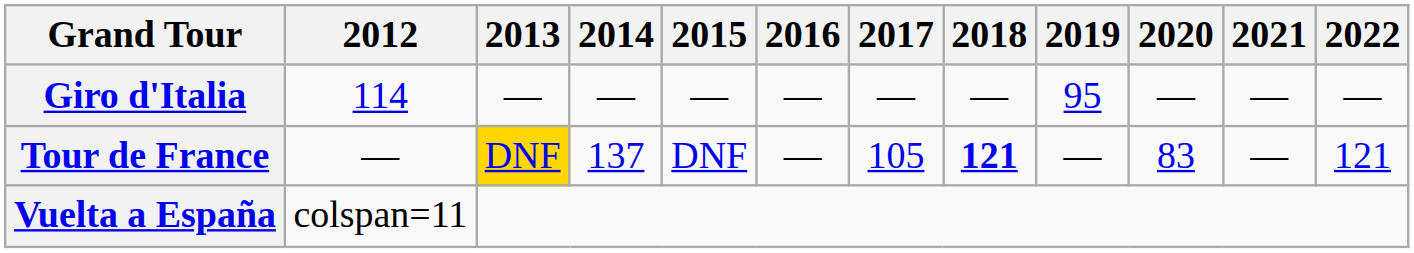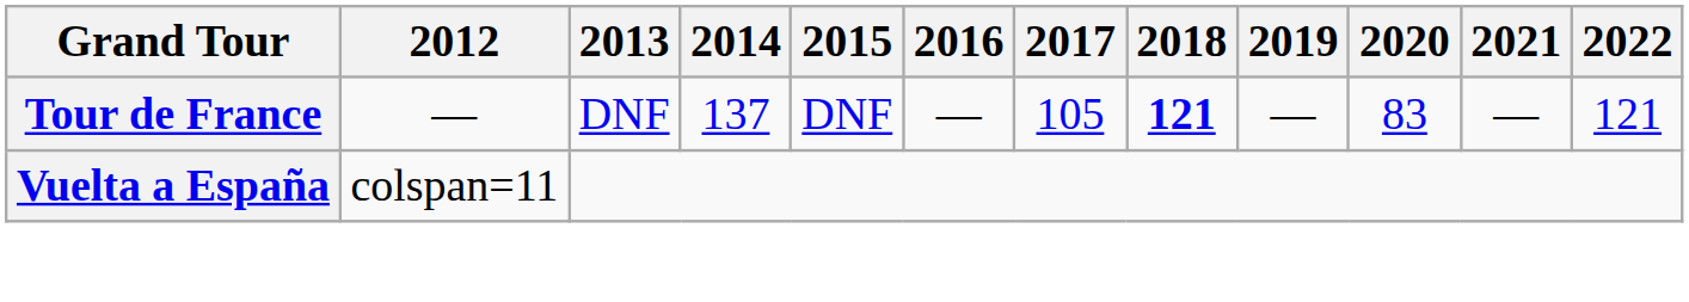 <table class="wikitable plainrowheaders">
 <tr>
 <th scope="col">Grand Tour</th>
 <th scope="col">2012</th>
 <th scope="col">2013</th>
 <th scope="col">2014</th>
 <th scope="col">2015</th>
 <th scope="col">2016</th>
 <th scope="col">2017</th>
 <th scope="col">2018</th>
 <th scope="col">2019</th>
 <th scope="col">2020</th>
 <th scope="col">2021</th>
 <th scope="col">2022</th>
 </tr>
 <tr style="text-align:center;">
-<th scope="row"> <a href='#'>Giro d'Italia</a></th>
-<td><a href='#'>114</a></td>
-<td>—</td>
-<td>—</td>
-<td>—</td>
-<td>—</td>
-<td>—</td>
-<td>—</td>
-<td><a href='#'>95</a></td>
-<td>—</td>
-<td>—</td>
-<td>—</td>
-</tr>
-<tr style="text-align:center;">
 <th scope="row"> <a href='#'>Tour de France</a></th>
 <td>—</td>
-<td style="background: gold;"><a href='#'>DNF</a></td>
+<td><a href='#'>DNF</a></td>
 <td><a href='#'>137</a></td>
 <td><a href='#'>DNF</a></td>
 <td>—</td>
 <td><a href='#'>105</a></td>
 <td><strong><a href='#'>121</a></strong></td>
 <td>—</td>
 <td><a href='#'>83</a></td>
 <td>—</td>
 <td><a href='#'>121</a></td>
 </tr>
 <tr style="text-align:center;">
 <th scope="row"> <a href='#'>Vuelta a España</a></th>
 <td>colspan=11 </td>
 </tr>
 </table>
